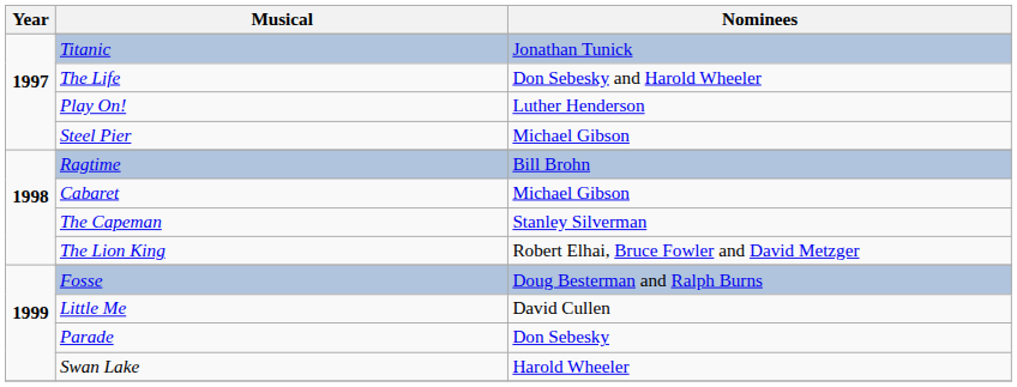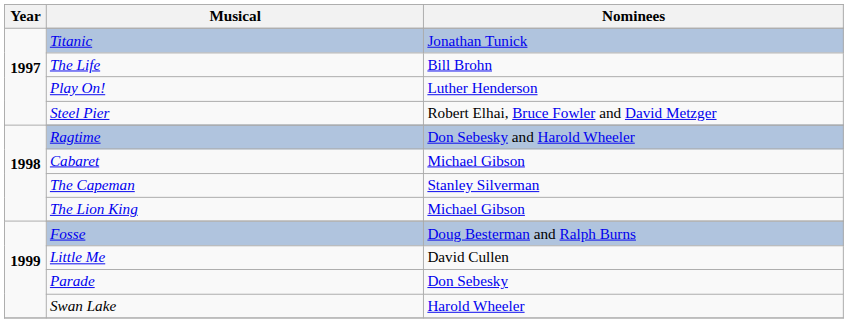 <table class="wikitable" style="width:100%;">
 <tr style="background:#bebebe;">
 <th style="width:5%;">Year</th>
 <th style="width:45%;">Musical</th>
 <th style="width:60%;">Nominees</th>
 </tr>
 <tr>
 <td rowspan="5" align="center"><strong>1997</strong><br><br></td>
 </tr>
 <tr style="background:#B0C4DE">
 <td><em><a href='#'>Titanic</a></em></td>
 <td><a href='#'>Jonathan Tunick</a></td>
 </tr>
 <tr>
 <td><em><a href='#'>The Life</a></em></td>
-<td><a href='#'>Don Sebesky</a> and <a href='#'>Harold Wheeler</a></td>
+<td><a href='#'>Bill Brohn</a></td>
 </tr>
 <tr>
 <td><em><a href='#'>Play On!</a></em></td>
 <td><a href='#'>Luther Henderson</a></td>
 </tr>
 <tr>
 <td><em><a href='#'>Steel Pier</a></em></td>
-<td><a href='#'>Michael Gibson</a></td>
+<td>Robert Elhai, <a href='#'>Bruce Fowler</a> and <a href='#'>David Metzger</a></td>
 </tr>
 <tr>
 <td rowspan="5" align="center"><strong>1998</strong><br><br></td>
 </tr>
 <tr style="background:#B0C4DE">
 <td><em><a href='#'>Ragtime</a></em></td>
-<td><a href='#'>Bill Brohn</a></td>
+<td><a href='#'>Don Sebesky</a> and <a href='#'>Harold Wheeler</a></td>
 </tr>
 <tr>
 <td><em><a href='#'>Cabaret</a></em></td>
 <td><a href='#'>Michael Gibson</a></td>
 </tr>
 <tr>
 <td><em><a href='#'>The Capeman</a></em></td>
 <td><a href='#'>Stanley Silverman</a></td>
 </tr>
 <tr>
 <td><em><a href='#'>The Lion King</a></em></td>
-<td>Robert Elhai, <a href='#'>Bruce Fowler</a> and <a href='#'>David Metzger</a></td>
+<td><a href='#'>Michael Gibson</a></td>
 </tr>
 <tr>
 <td rowspan="5" align="center"><strong>1999</strong><br><br></td>
 </tr>
 <tr style="background:#B0C4DE">
 <td><em><a href='#'>Fosse</a></em></td>
 <td><a href='#'>Doug Besterman</a> and <a href='#'>Ralph Burns</a></td>
 </tr>
 <tr>
 <td><em><a href='#'>Little Me</a></em></td>
 <td>David Cullen</td>
 </tr>
 <tr>
 <td><em><a href='#'>Parade</a></em></td>
 <td><a href='#'>Don Sebesky</a></td>
 </tr>
 <tr>
 <td><em>Swan Lake</em></td>
 <td><a href='#'>Harold Wheeler</a></td>
 </tr>
 <tr>
 </tr>
 </table>
